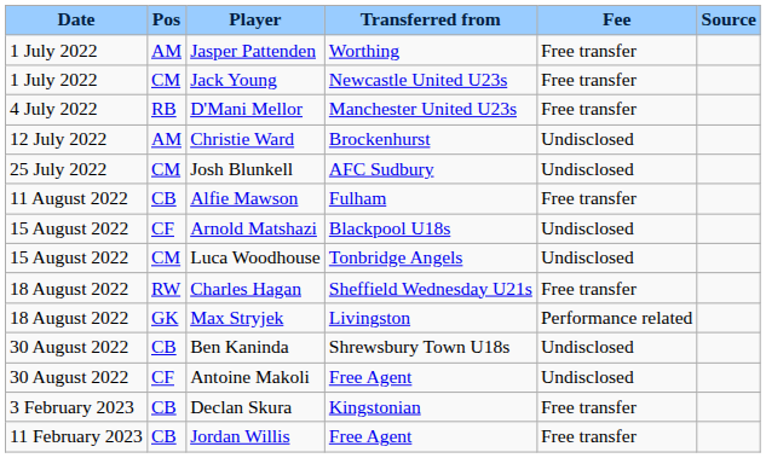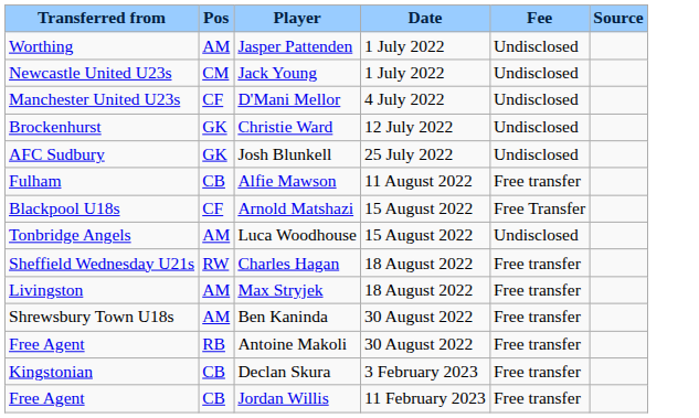 <table class="wikitable plainrowheaders sortable">
 <tr>
-<th style="background:#99ccff; color:#001f44; ">Date</th>
+<th style="background:#99ccff; color:#001f44; ">Transferred from</th>
 <th style="background:#99ccff; color:#001f44; ">Pos</th>
 <th style="background:#99ccff; color:#001f44; ">Player</th>
-<th style="background:#99ccff; color:#001f44; ">Transferred from</th>
+<th style="background:#99ccff; color:#001f44; ">Date</th>
 <th style="background:#99ccff; color:#001f44; ">Fee</th>
 <th style="background:#99ccff; color:#001f44; ">Source</th>
 </tr>
 <tr>
-<td>1 July 2022</td>
+<td> <a href='#'>Worthing</a></td>
 <td><a href='#'>AM</a></td>
 <td> <a href='#'>Jasper Pattenden</a></td>
-<td> <a href='#'>Worthing</a></td>
+<td>1 July 2022</td>
+<td>Undisclosed</td>
+<td></td>
+</tr>
+<tr>
+<td> <a href='#'>Newcastle United U23s</a></td>
+<td><a href='#'>CM</a></td>
+<td> <a href='#'>Jack Young</a></td>
+<td>1 July 2022</td>
+<td>Undisclosed</td>
+<td></td>
+</tr>
+<tr>
+<td> <a href='#'>Manchester United U23s</a></td>
+<td><a href='#'>CF</a></td>
+<td> <a href='#'>D'Mani Mellor</a></td>
+<td>4 July 2022</td>
+<td>Undisclosed</td>
+<td></td>
+</tr>
+<tr>
+<td> <a href='#'>Brockenhurst</a></td>
+<td><a href='#'>GK</a></td>
+<td> <a href='#'>Christie Ward</a></td>
+<td>12 July 2022</td>
+<td>Undisclosed</td>
+<td></td>
+</tr>
+<tr>
+<td> <a href='#'>AFC Sudbury</a></td>
+<td><a href='#'>GK</a></td>
+<td> Josh Blunkell</td>
+<td>25 July 2022</td>
+<td>Undisclosed</td>
+<td></td>
+</tr>
+<tr>
+<td> <a href='#'>Fulham</a></td>
+<td><a href='#'>CB</a></td>
+<td> <a href='#'>Alfie Mawson</a></td>
+<td>11 August 2022</td>
 <td>Free transfer</td>
 <td></td>
 </tr>
 <tr>
-<td>1 July 2022</td>
-<td><a href='#'>CM</a></td>
-<td> <a href='#'>Jack Young</a></td>
-<td> <a href='#'>Newcastle United U23s</a></td>
+<td> <a href='#'>Blackpool U18s</a></td>
+<td><a href='#'>CF</a></td>
+<td> <a href='#'>Arnold Matshazi</a></td>
+<td>15 August 2022</td>
+<td>Free Transfer</td>
+<td></td>
+</tr>
+<tr>
+<td> <a href='#'>Tonbridge Angels</a></td>
+<td><a href='#'>AM</a></td>
+<td> Luca Woodhouse</td>
+<td>15 August 2022</td>
+<td>Undisclosed</td>
+<td></td>
+</tr>
+<tr>
+<td> <a href='#'>Sheffield Wednesday U21s</a></td>
+<td><a href='#'>RW</a></td>
+<td> <a href='#'>Charles Hagan</a></td>
+<td>18 August 2022</td>
 <td>Free transfer</td>
 <td></td>
 </tr>
 <tr>
-<td>4 July 2022</td>
-<td><a href='#'>RB</a></td>
-<td> <a href='#'>D'Mani Mellor</a></td>
-<td> <a href='#'>Manchester United U23s</a></td>
+<td> <a href='#'>Livingston</a></td>
+<td><a href='#'>AM</a></td>
+<td> <a href='#'>Max Stryjek</a></td>
+<td>18 August 2022</td>
 <td>Free transfer</td>
 <td></td>
 </tr>
 <tr>
-<td>12 July 2022</td>
+<td> Shrewsbury Town U18s</td>
 <td><a href='#'>AM</a></td>
-<td> <a href='#'>Christie Ward</a></td>
-<td> <a href='#'>Brockenhurst</a></td>
-<td>Undisclosed</td>
-<td></td>
-</tr>
-<tr>
-<td>25 July 2022</td>
-<td><a href='#'>CM</a></td>
-<td> Josh Blunkell</td>
-<td> <a href='#'>AFC Sudbury</a></td>
-<td>Undisclosed</td>
-<td></td>
-</tr>
-<tr>
-<td>11 August 2022</td>
-<td><a href='#'>CB</a></td>
-<td> <a href='#'>Alfie Mawson</a></td>
-<td> <a href='#'>Fulham</a></td>
+<td> Ben Kaninda</td>
+<td>30 August 2022</td>
 <td>Free transfer</td>
 <td></td>
 </tr>
 <tr>
-<td>15 August 2022</td>
-<td><a href='#'>CF</a></td>
-<td> <a href='#'>Arnold Matshazi</a></td>
-<td> <a href='#'>Blackpool U18s</a></td>
-<td>Undisclosed</td>
-<td></td>
-</tr>
-<tr>
-<td>15 August 2022</td>
-<td><a href='#'>CM</a></td>
-<td> Luca Woodhouse</td>
-<td> <a href='#'>Tonbridge Angels</a></td>
-<td>Undisclosed</td>
-<td></td>
-</tr>
-<tr>
-<td>18 August 2022</td>
-<td><a href='#'>RW</a></td>
-<td> <a href='#'>Charles Hagan</a></td>
-<td> <a href='#'>Sheffield Wednesday U21s</a></td>
+<td> <a href='#'>Free Agent</a></td>
+<td><a href='#'>RB</a></td>
+<td> Antoine Makoli</td>
+<td>30 August 2022</td>
 <td>Free transfer</td>
 <td></td>
 </tr>
 <tr>
-<td>18 August 2022</td>
-<td><a href='#'>GK</a></td>
-<td> <a href='#'>Max Stryjek</a></td>
-<td> <a href='#'>Livingston</a></td>
-<td>Performance related</td>
-<td></td>
-</tr>
-<tr>
-<td>30 August 2022</td>
-<td><a href='#'>CB</a></td>
-<td> Ben Kaninda</td>
-<td> Shrewsbury Town U18s</td>
-<td>Undisclosed</td>
-<td></td>
-</tr>
-<tr>
-<td>30 August 2022</td>
-<td><a href='#'>CF</a></td>
-<td> Antoine Makoli</td>
-<td> <a href='#'>Free Agent</a></td>
-<td>Undisclosed</td>
-<td></td>
-</tr>
-<tr>
-<td>3 February 2023</td>
+<td> <a href='#'>Kingstonian</a></td>
 <td><a href='#'>CB</a></td>
 <td> Declan Skura</td>
-<td> <a href='#'>Kingstonian</a></td>
+<td>3 February 2023</td>
 <td>Free transfer</td>
 <td></td>
 </tr>
 <tr>
-<td>11 February 2023</td>
+<td><a href='#'>Free Agent</a></td>
 <td><a href='#'>CB</a></td>
 <td> <a href='#'>Jordan Willis</a></td>
-<td><a href='#'>Free Agent</a></td>
+<td>11 February 2023</td>
 <td>Free transfer</td>
 <td></td>
 </tr>
 </table>
